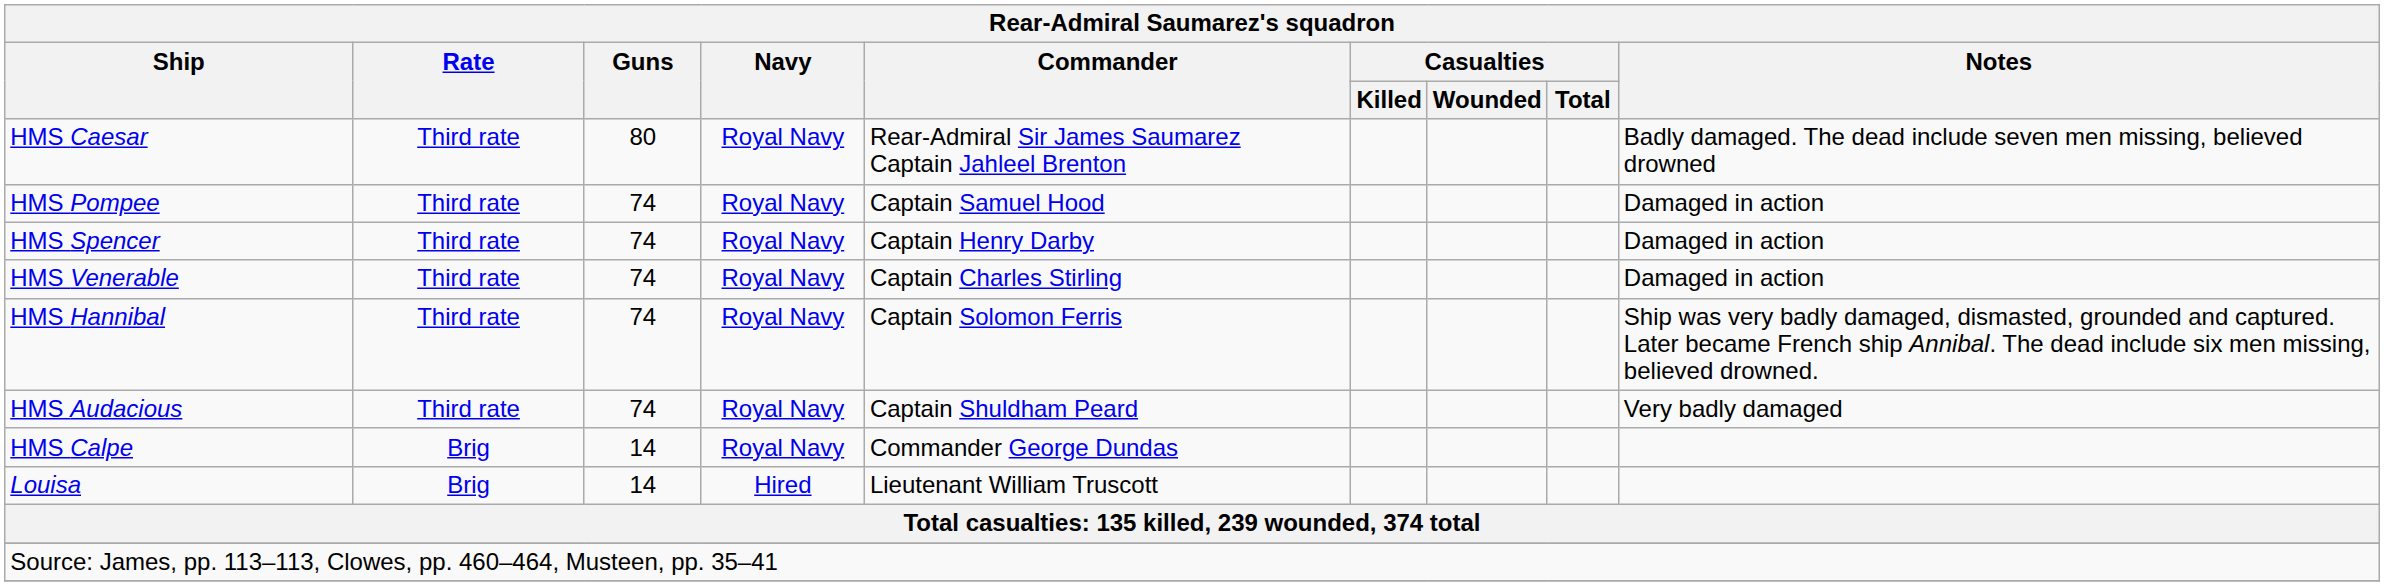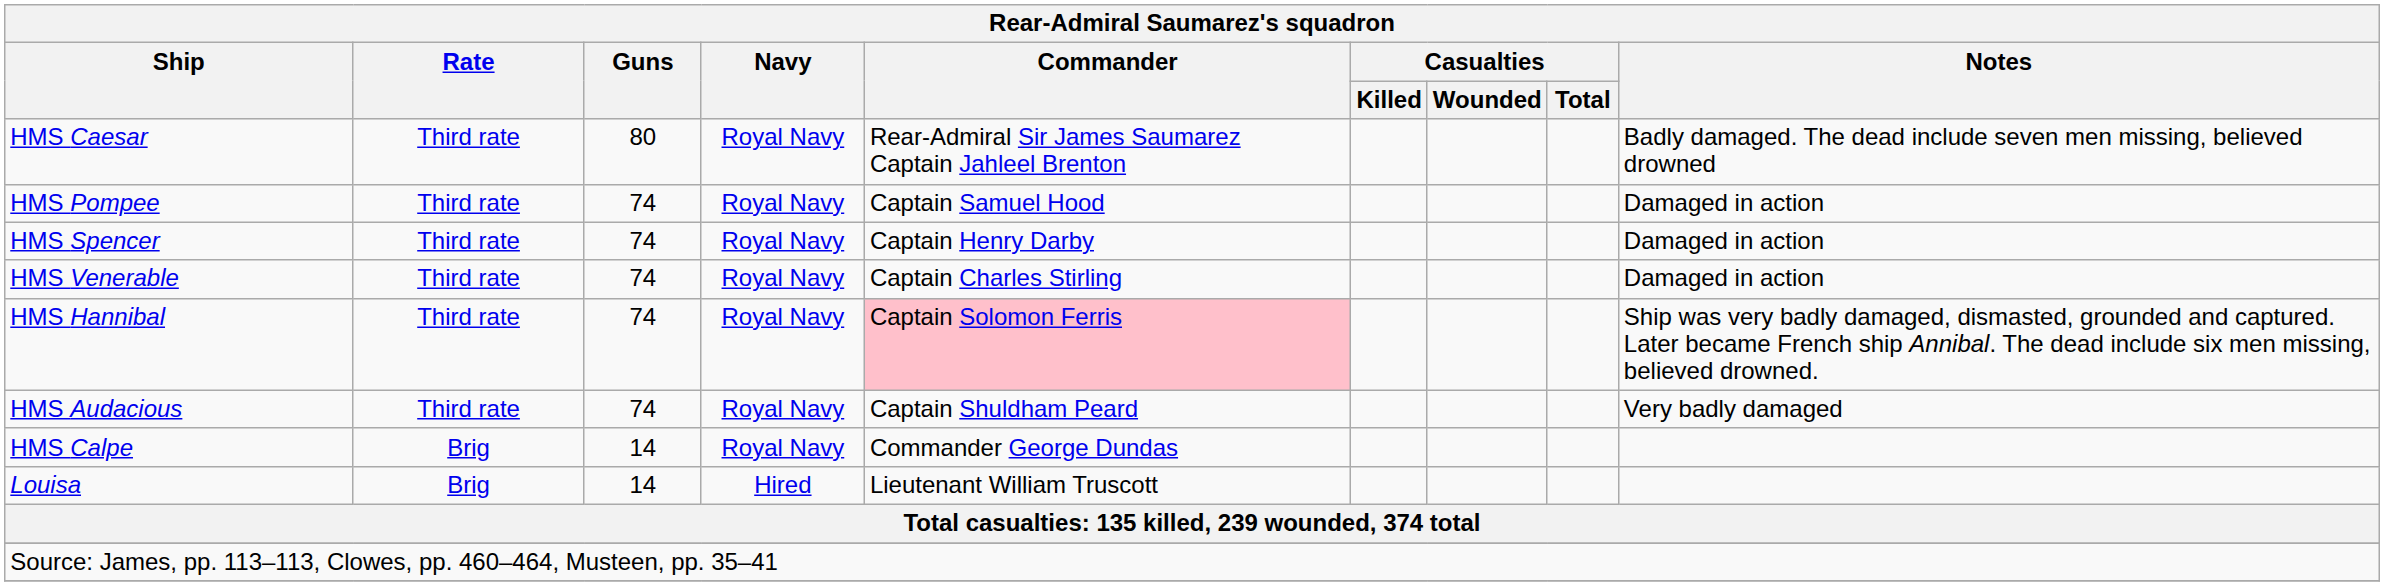 <table class="wikitable" width=100%>
 <tr valign="top">
 <th colspan="11" bgcolor="white">Rear-Admiral Saumarez's squadron</th>
 </tr>
 <tr valign="top"|- valign="top">
 <th scope="col" width=15%; align= center rowspan=2>Ship</th>
 <th scope="col" width=10%; align= center rowspan=2><a href='#'>Rate</a></th>
 <th scope="col" width=5%; align= center rowspan=2>Guns</th>
 <th scope="col" width=7%; align= center rowspan=2>Navy</th>
 <th scope="col" width=21%; align= center rowspan=2>Commander</th>
 <th scope="col" width=9%; align= center colspan=3>Casualties</th>
 <th scope="col" width=33%; align= center rowspan=2>Notes</th>
 </tr>
 <tr valign="top">
 <th scope="col" width=3%; align= center>Killed</th>
 <th scope="col" width=3%; align= center>Wounded</th>
 <th scope="col" width=3%; align= center>Total</th>
 </tr>
 <tr valign="top">
 <td align= left><a href='#'>HMS <em>Caesar</em></a></td>
 <td align= center><a href='#'>Third rate</a></td>
 <td align= center>80</td>
 <td align= center><a href='#'>Royal Navy</a></td>
 <td align= left>Rear-Admiral <a href='#'>Sir James Saumarez</a><br>Captain <a href='#'>Jahleel Brenton</a></td>
 <td align= right></td>
 <td align= right></td>
 <td align= right></td>
 <td align= left>Badly damaged. The dead include seven men missing, believed drowned</td>
 </tr>
 <tr valign="top">
 <td align= left><a href='#'>HMS <em>Pompee</em></a></td>
 <td align= center><a href='#'>Third rate</a></td>
 <td align= center>74</td>
 <td align= center><a href='#'>Royal Navy</a></td>
 <td align= left>Captain <a href='#'>Samuel Hood</a></td>
 <td align= right></td>
 <td align= right></td>
 <td align= right></td>
 <td align= left>Damaged in action</td>
 </tr>
 <tr valign="top">
 <td align= left><a href='#'>HMS <em>Spencer</em></a></td>
 <td align= center><a href='#'>Third rate</a></td>
 <td align= center>74</td>
 <td align= center><a href='#'>Royal Navy</a></td>
 <td align= left>Captain <a href='#'>Henry Darby</a></td>
 <td align= right></td>
 <td align= right></td>
 <td align= right></td>
 <td align= left>Damaged in action</td>
 </tr>
 <tr valign="top">
 <td align= left><a href='#'>HMS <em>Venerable</em></a></td>
 <td align= center><a href='#'>Third rate</a></td>
 <td align= center>74</td>
 <td align= center><a href='#'>Royal Navy</a></td>
 <td align= left>Captain <a href='#'>Charles Stirling</a></td>
 <td align= right></td>
 <td align= right></td>
 <td align= right></td>
 <td align= left>Damaged in action</td>
 </tr>
 <tr valign="top">
 <td align= left><a href='#'>HMS <em>Hannibal</em></a></td>
 <td align= center><a href='#'>Third rate</a></td>
 <td align= center>74</td>
 <td align= center><a href='#'>Royal Navy</a></td>
-<td align= left>Captain <a href='#'>Solomon Ferris</a></td>
+<td align= left style="background: pink;">Captain <a href='#'>Solomon Ferris</a></td>
 <td align= right></td>
 <td align= right></td>
 <td align= right></td>
 <td align= left>Ship was very badly damaged, dismasted, grounded and captured. Later became French ship <em>Annibal</em>. The dead include six men missing, believed drowned.</td>
 </tr>
 <tr valign="top">
 <td align= left><a href='#'>HMS <em>Audacious</em></a></td>
 <td align= center><a href='#'>Third rate</a></td>
 <td align= center>74</td>
 <td align= center><a href='#'>Royal Navy</a></td>
 <td align= left>Captain <a href='#'>Shuldham Peard</a></td>
 <td align= right></td>
 <td align= right></td>
 <td align= right></td>
 <td align= left>Very badly damaged</td>
 </tr>
 <tr valign="top">
 <td align= left><a href='#'>HMS <em>Calpe</em></a></td>
 <td align= center><a href='#'>Brig</a></td>
 <td align= center>14</td>
 <td align= center><a href='#'>Royal Navy</a></td>
 <td align= left>Commander <a href='#'>George Dundas</a></td>
 <td align= right></td>
 <td align= right></td>
 <td align= right></td>
 <td align= left></td>
 </tr>
 <tr valign="top">
 <td align= left><a href='#'><em>Louisa</em></a></td>
 <td align= center><a href='#'>Brig</a></td>
 <td align= center>14</td>
 <td align= center><a href='#'>Hired</a></td>
 <td align= left>Lieutenant William Truscott</td>
 <td align= right></td>
 <td align= right></td>
 <td align= right></td>
 <td align= left></td>
 </tr>
 <tr valign="top">
 <th colspan="12" bgcolor="white">Total casualties: 135 killed, 239 wounded, 374 total</th>
 </tr>
 <tr valign="top">
 </tr>
 <tr valign="top">
 <td colspan="12" align="left">Source: James, pp. 113–113, Clowes, pp. 460–464, Musteen, pp. 35–41 </td>
 </tr>
 <tr>
 </tr>
 </table>
